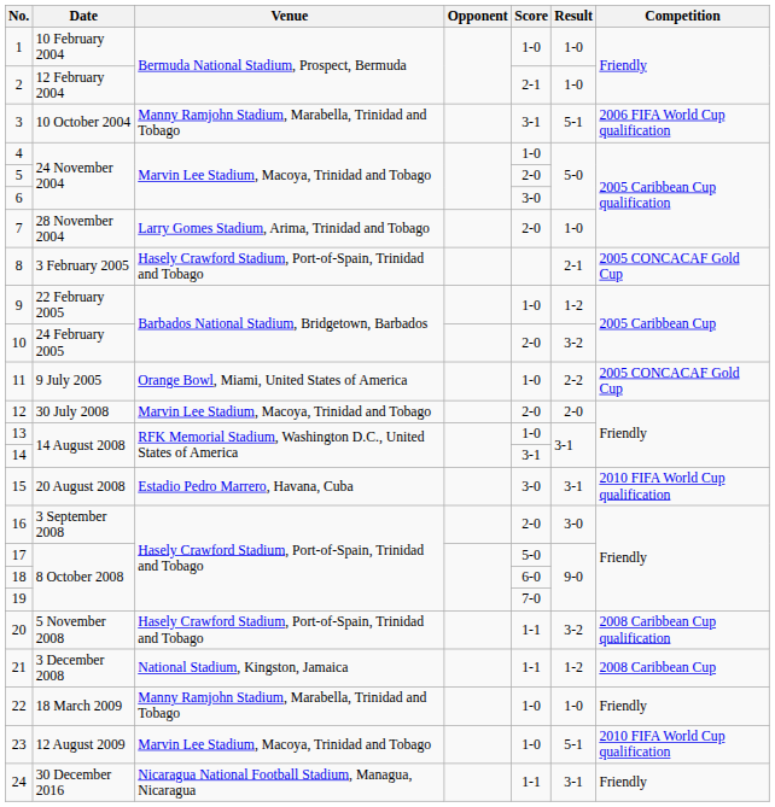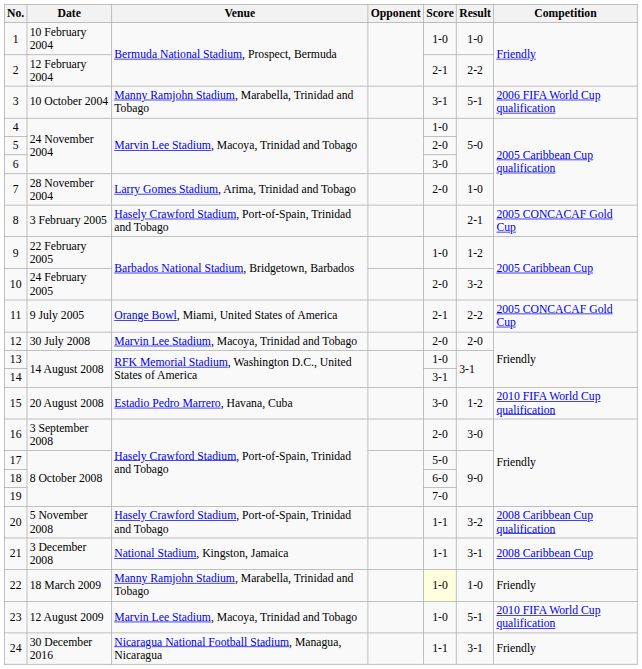 <table class="wikitable sortable">
 <tr>
 <th scope="col">No.</th>
 <th scope="col">Date</th>
 <th scope="col">Venue</th>
 <th scope="col">Opponent</th>
 <th scope="col">Score</th>
 <th scope="col">Result</th>
 <th scope="col">Competition</th>
 </tr>
 <tr>
 <td align="center">1</td>
 <td>10 February 2004</td>
 <td rowspan="2"><a href='#'>Bermuda National Stadium</a>, Prospect, Bermuda</td>
 <td rowspan="2"></td>
 <td align="center">1-0</td>
 <td align="center">1-0</td>
 <td rowspan="2"><a href='#'>Friendly</a></td>
 </tr>
 <tr>
 <td align="center">2</td>
 <td>12 February 2004</td>
 <td align="center">2-1</td>
-<td align="center">1-0</td>
+<td align="center">2-2</td>
 </tr>
 <tr>
 <td align="center">3</td>
 <td>10 October 2004</td>
 <td><a href='#'>Manny Ramjohn Stadium</a>, Marabella, Trinidad and Tobago</td>
 <td></td>
 <td align="center">3-1</td>
 <td align="center">5-1</td>
 <td><a href='#'>2006 FIFA World Cup qualification</a></td>
 </tr>
 <tr>
 <td align="center">4</td>
 <td rowspan="3">24 November 2004</td>
 <td rowspan="3"><a href='#'>Marvin Lee Stadium</a>, Macoya, Trinidad and Tobago</td>
 <td rowspan="3"></td>
 <td align="center">1-0</td>
 <td rowspan="3" align="center">5-0</td>
 <td rowspan="4"><a href='#'>2005 Caribbean Cup qualification</a></td>
 </tr>
 <tr>
 <td align="center">5</td>
 <td align="center">2-0</td>
 </tr>
 <tr>
 <td align="center">6</td>
 <td align="center">3-0</td>
 </tr>
 <tr>
 <td align="center">7</td>
 <td>28 November 2004</td>
 <td><a href='#'>Larry Gomes Stadium</a>, Arima, Trinidad and Tobago</td>
 <td></td>
 <td align="center">2-0</td>
 <td align="center">1-0</td>
 </tr>
 <tr>
 <td align="center">8</td>
 <td>3 February 2005</td>
 <td><a href='#'>Hasely Crawford Stadium</a>, Port-of-Spain, Trinidad and Tobago</td>
 <td></td>
 <td></td>
 <td align="center">2-1</td>
 <td><a href='#'>2005 CONCACAF Gold Cup</a></td>
 </tr>
 <tr>
 <td align="center">9</td>
 <td>22 February 2005</td>
 <td rowspan="2"><a href='#'>Barbados National Stadium</a>, Bridgetown, Barbados</td>
 <td></td>
 <td align="center">1-0</td>
 <td align="center">1-2</td>
 <td rowspan="2"><a href='#'>2005 Caribbean Cup</a></td>
 </tr>
 <tr>
 <td align="center">10</td>
 <td>24 February 2005</td>
 <td></td>
 <td align="center">2-0</td>
 <td align="center">3-2</td>
 </tr>
 <tr>
 <td align="center">11</td>
 <td>9 July 2005</td>
 <td><a href='#'>Orange Bowl</a>, Miami, United States of America</td>
 <td></td>
-<td align="center">1-0</td>
+<td align="center">2-1</td>
 <td align="center">2-2</td>
 <td><a href='#'>2005 CONCACAF Gold Cup</a></td>
 </tr>
 <tr>
 <td align="center">12</td>
 <td>30 July 2008</td>
 <td><a href='#'>Marvin Lee Stadium</a>, Macoya, Trinidad and Tobago</td>
 <td></td>
 <td align="center">2-0</td>
 <td align="center">2-0</td>
 <td rowspan="3">Friendly</td>
 </tr>
 <tr>
 <td align="center">13</td>
 <td rowspan="2">14 August 2008</td>
 <td rowspan="2"><a href='#'>RFK Memorial Stadium</a>, Washington D.C., United States of America</td>
 <td rowspan="2"></td>
 <td align="center">1-0</td>
 <td rowspan="2">3-1</td>
 </tr>
 <tr>
 <td align="center">14</td>
 <td align="center">3-1</td>
 </tr>
 <tr>
 <td align="center">15</td>
 <td>20 August 2008</td>
 <td><a href='#'>Estadio Pedro Marrero</a>, Havana, Cuba</td>
 <td></td>
 <td align="center">3-0</td>
-<td align="center">3-1</td>
+<td align="center">1-2</td>
 <td><a href='#'>2010 FIFA World Cup qualification</a></td>
 </tr>
 <tr>
 <td align="center">16</td>
 <td>3 September 2008</td>
 <td rowspan="4"><a href='#'>Hasely Crawford Stadium</a>, Port-of-Spain, Trinidad and Tobago</td>
 <td></td>
 <td align="center">2-0</td>
 <td align="center">3-0</td>
 <td rowspan="4">Friendly</td>
 </tr>
 <tr>
 <td align="center">17</td>
 <td rowspan="3">8 October 2008</td>
 <td rowspan="3"></td>
 <td align="center">5-0</td>
 <td rowspan="3" align="center">9-0</td>
 </tr>
 <tr>
 <td align="center">18</td>
 <td align="center">6-0</td>
 </tr>
 <tr>
 <td align="center">19</td>
 <td align="center">7-0</td>
 </tr>
 <tr>
 <td align="center">20</td>
 <td>5 November 2008</td>
 <td><a href='#'>Hasely Crawford Stadium</a>, Port-of-Spain, Trinidad and Tobago</td>
 <td></td>
 <td align="center">1-1</td>
 <td align="center">3-2</td>
 <td><a href='#'>2008 Caribbean Cup qualification</a></td>
 </tr>
 <tr>
 <td align="center">21</td>
 <td>3 December 2008</td>
 <td><a href='#'>National Stadium</a>, Kingston, Jamaica</td>
 <td></td>
 <td align="center">1-1</td>
-<td align="center">1-2</td>
+<td align="center">3-1</td>
 <td><a href='#'>2008 Caribbean Cup</a></td>
 </tr>
 <tr>
 <td align="center">22</td>
 <td>18 March 2009</td>
 <td><a href='#'>Manny Ramjohn Stadium</a>, Marabella, Trinidad and Tobago</td>
 <td></td>
-<td align="center">1-0</td>
+<td align="center" style="background: lightyellow;">1-0</td>
 <td align="center">1-0</td>
 <td>Friendly</td>
 </tr>
 <tr>
 <td align="center">23</td>
 <td>12 August 2009</td>
 <td><a href='#'>Marvin Lee Stadium</a>, Macoya, Trinidad and Tobago</td>
 <td></td>
 <td align="center">1-0</td>
 <td align="center">5-1</td>
 <td><a href='#'>2010 FIFA World Cup qualification</a></td>
 </tr>
 <tr>
 <td align="center">24</td>
 <td>30 December 2016</td>
 <td><a href='#'>Nicaragua National Football Stadium</a>, Managua, Nicaragua</td>
 <td></td>
 <td align="center">1-1</td>
 <td align="center">3-1</td>
 <td>Friendly</td>
 </tr>
 </table>
